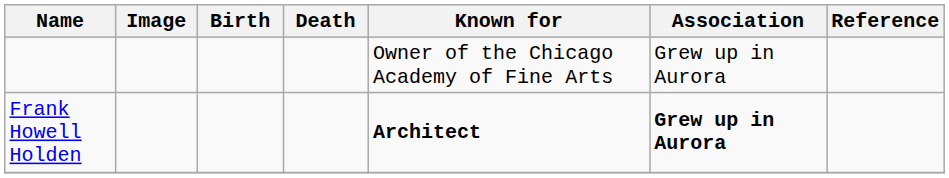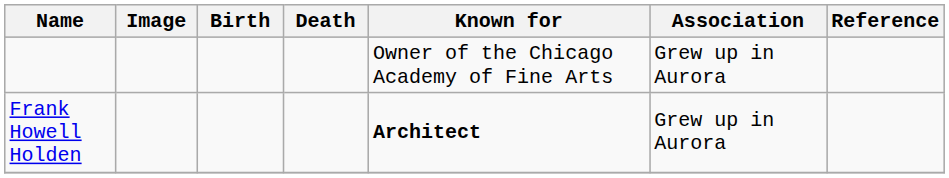 <table class="wikitable sortable">
 <tr>
 <th scope="col" width="140">Name</th>
 <th scope="col" width="80" class="unsortable">Image</th>
 <th scope="col" width="90">Birth</th>
 <th scope="col" width="90">Death</th>
 <th scope="col" width="600" class="unsortable">Known for</th>
 <th scope="col" width="200" class="unsortable">Association</th>
 <th scope="col" width="30" class="unsortable">Reference</th>
 </tr>
 <tr>
 <td></td>
 <td></td>
 <td align="right"></td>
 <td align="right"></td>
 <td>Owner of the Chicago Academy of Fine Arts</td>
 <td>Grew up in Aurora</td>
 <td align="center"></td>
 </tr>
 <tr>
 <td><a href='#'>Frank Howell Holden</a></td>
 <td></td>
 <td align="right"></td>
 <td align="right"></td>
 <td><strong>Architect</strong></td>
-<td><strong>Grew up in Aurora</strong></td>
+<td>Grew up in Aurora</td>
 <td></td>
 </tr>
 <tr>
 </tr>
 </table>
